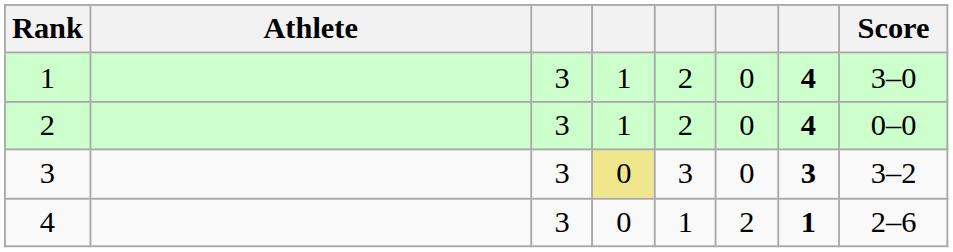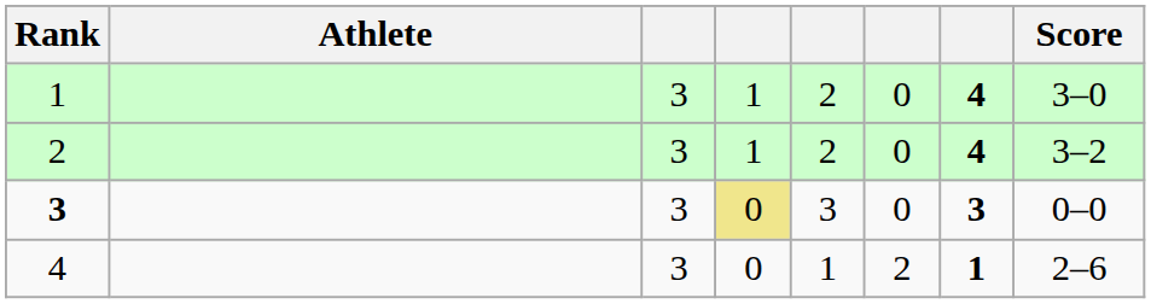 <table class="wikitable" style="text-align: center;">
 <tr>
 <th width=25>Rank</th>
 <th width=225>Athlete</th>
 <th width=25></th>
 <th width=25></th>
 <th width=25></th>
 <th width=25></th>
 <th width=25></th>
 <th width=50>Score</th>
 </tr>
 <tr bgcolor=ccffcc>
 <td>1</td>
 <td align=left></td>
 <td>3</td>
 <td>1</td>
 <td>2</td>
 <td>0</td>
 <td><strong>4</strong></td>
 <td>3–0</td>
 </tr>
 <tr bgcolor=ccffcc>
 <td>2</td>
 <td align=left></td>
 <td>3</td>
 <td>1</td>
 <td>2</td>
 <td>0</td>
 <td><strong>4</strong></td>
-<td>0–0</td>
+<td>3–2</td>
 </tr>
 <tr>
-<td>3</td>
+<td><strong>3</strong></td>
 <td align=left></td>
 <td>3</td>
 <td style="background: khaki;">0</td>
 <td>3</td>
 <td>0</td>
 <td><strong>3</strong></td>
-<td>3–2</td>
+<td>0–0</td>
 </tr>
 <tr>
 <td>4</td>
 <td align=left></td>
 <td>3</td>
 <td>0</td>
 <td>1</td>
 <td>2</td>
 <td><strong>1</strong></td>
 <td>2–6</td>
 </tr>
 </table>
